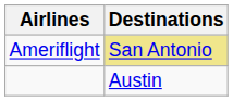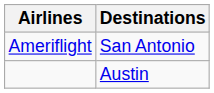 <table class="wikitable">
 <tr>
 <th>Airlines</th>
 <th>Destinations</th>
 </tr>
 <tr>
 <td><a href='#'>Ameriflight</a></td>
-<td style="background: khaki;"><a href='#'>San Antonio</a></td>
+<td><a href='#'>San Antonio</a></td>
 </tr>
 <tr>
 <td></td>
 <td><a href='#'>Austin</a></td>
 </tr>
 </table>
